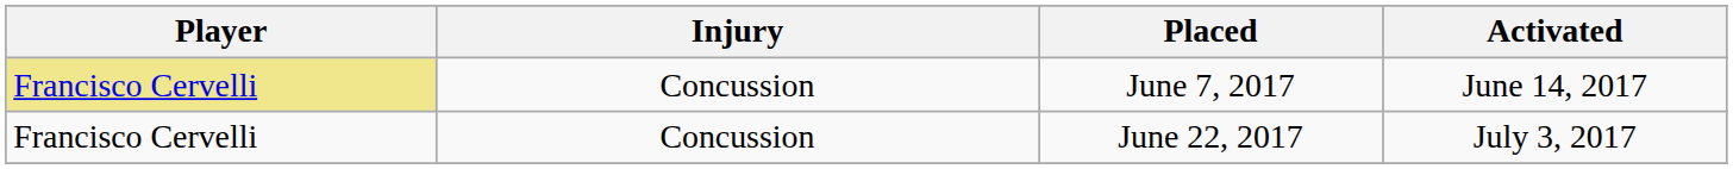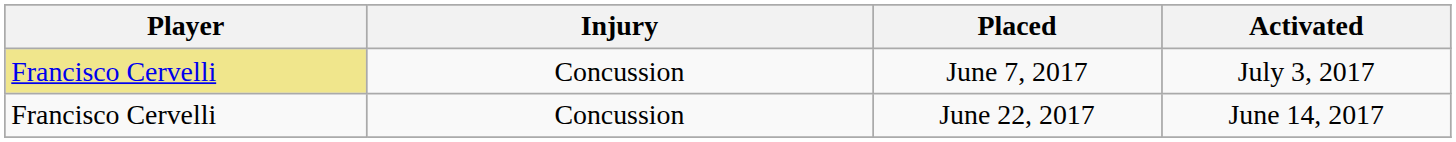 <table class="wikitable" style="width:52em; border:0; text-align:center;">
 <tr>
 <th width=25%>Player</th>
 <th width=35% class=unsortable>Injury</th>
 <th width=20% class=unsortable>Placed</th>
 <th width=20% class=unsortable>Activated</th>
 </tr>
 <tr>
 <td align=left style="background: khaki;"><a href='#'>Francisco Cervelli</a></td>
 <td>Concussion</td>
 <td>June 7, 2017</td>
-<td>June 14, 2017</td>
+<td>July 3, 2017</td>
 </tr>
 <tr>
 <td align=left>Francisco Cervelli</td>
 <td>Concussion</td>
 <td>June 22, 2017</td>
-<td>July 3, 2017</td>
+<td>June 14, 2017</td>
 </tr>
 <tr>
 </tr>
 </table>
